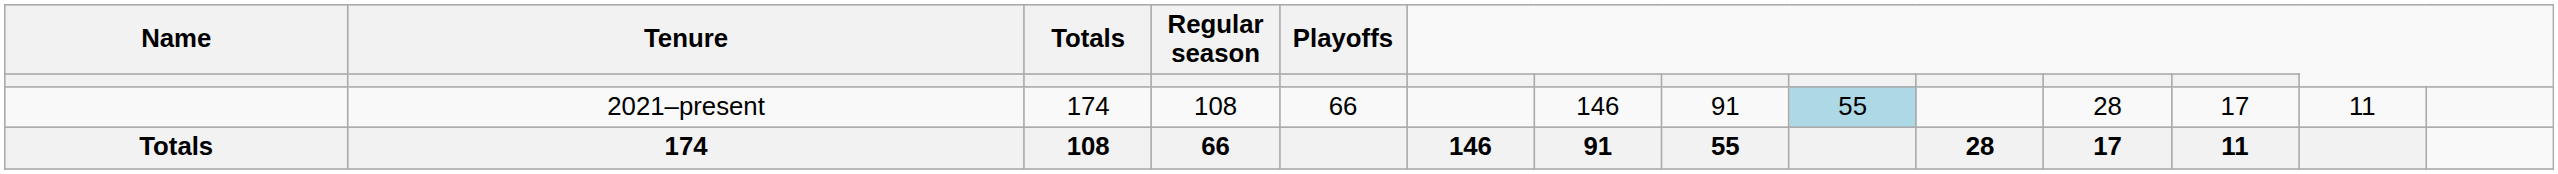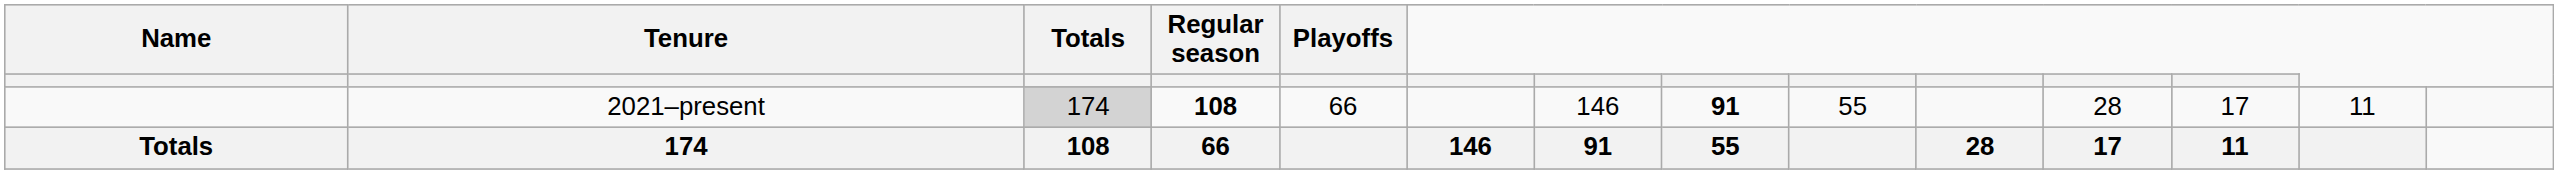 <table class="wikitable sortable" style="clear:both; margin:1.5em auto; text-align:center;">
 <tr>
 <th>Name</th>
 <th>Tenure</th>
 <th>Totals</th>
 <th>Regular season</th>
 <th>Playoffs</th>
 </tr>
 <tr>
 <th></th>
 <th></th>
 <th></th>
 <th></th>
 <th></th>
 <th></th>
 <th></th>
 <th></th>
 <th></th>
 <th></th>
 <th></th>
 <th></th>
 </tr>
 <tr>
 <td> </td>
 <td>2021–present</td>
-<td style="width:5%;">174</td>
-<td style="width:5%;">108</td>
+<td style="background: lightgrey; width:5%;">174</td>
+<td style="width:5%;"><strong>108</strong></td>
 <td style="width:5%;">66</td>
 <td style="width:5%;"></td>
 <td style="width:5%;">146</td>
-<td style="width:5%;">91</td>
-<td style="background: lightblue; width:5%;">55</td>
+<td style="width:5%;"><strong>91</strong></td>
+<td style="width:5%;">55</td>
 <td style="width:5%;"></td>
 <td style="width:5%;">28</td>
 <td style="width:5%;">17</td>
 <td style="width:5%;">11</td>
 <td style="width:5%;"></td>
 </tr>
 <tr>
 <th>Totals</th>
 <th>174</th>
 <th>108</th>
 <th>66</th>
 <th></th>
 <th>146</th>
 <th>91</th>
 <th>55</th>
 <th></th>
 <th>28</th>
 <th>17</th>
 <th>11</th>
 <th></th>
 </tr>
 </table>
